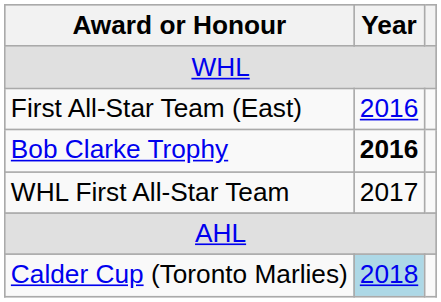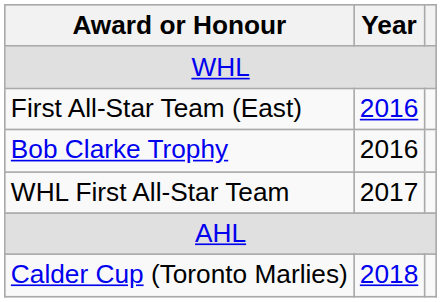 <table class="wikitable">
 <tr>
 <th>Award or Honour</th>
 <th>Year</th>
 <th></th>
 </tr>
 <tr ALIGN="center" bgcolor="#e0e0e0">
 <td colspan="3"><a href='#'>WHL</a></td>
 </tr>
 <tr>
 <td>First All-Star Team (East)</td>
 <td><a href='#'>2016</a></td>
 <td></td>
 </tr>
 <tr>
 <td><a href='#'>Bob Clarke Trophy</a></td>
-<td><strong>2016</strong></td>
+<td>2016</td>
 <td></td>
 </tr>
 <tr>
 <td>WHL First All-Star Team</td>
 <td>2017</td>
 <td></td>
 </tr>
 <tr ALIGN="center" bgcolor="#e0e0e0">
 <td colspan="3"><a href='#'>AHL</a></td>
 </tr>
 <tr>
 <td><a href='#'>Calder Cup</a> (Toronto Marlies)</td>
-<td style="background: lightblue;"><a href='#'>2018</a></td>
+<td><a href='#'>2018</a></td>
 <td></td>
 </tr>
 </table>
